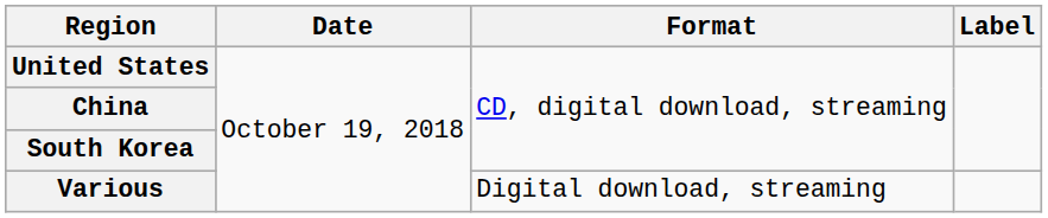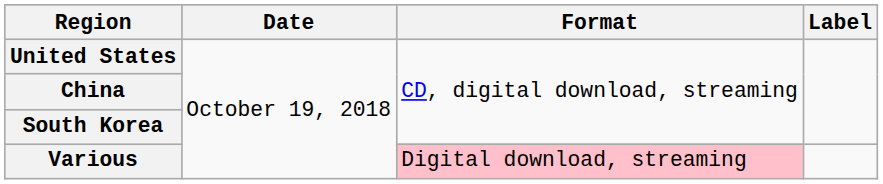 <table class="wikitable plainrowheaders">
 <tr>
 <th>Region</th>
 <th>Date</th>
 <th>Format</th>
 <th>Label</th>
 </tr>
 <tr>
 <th scope="row">United States</th>
 <td rowspan="4">October 19, 2018</td>
 <td rowspan="3"><a href='#'>CD</a>, digital download, streaming</td>
 <td rowspan="3"></td>
 </tr>
 <tr>
 <th scope="row">China</th>
 </tr>
 <tr>
 <th scope="row">South Korea</th>
 </tr>
 <tr>
 <th scope="row">Various</th>
-<td>Digital download, streaming</td>
+<td style="background: pink;">Digital download, streaming</td>
 <td></td>
 </tr>
 </table>
